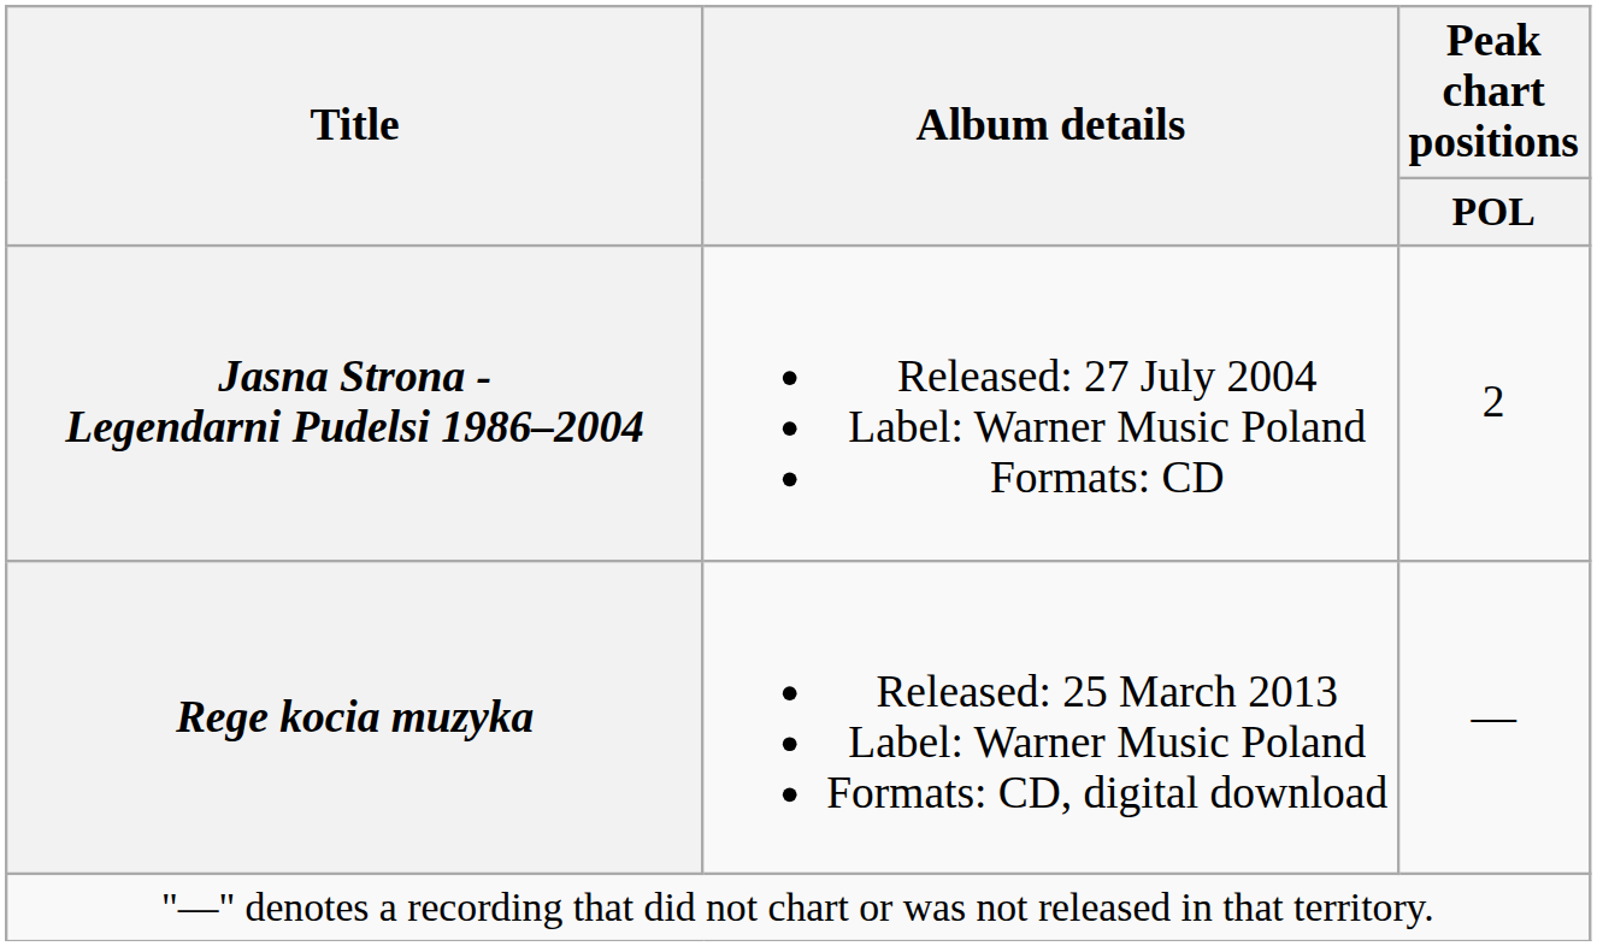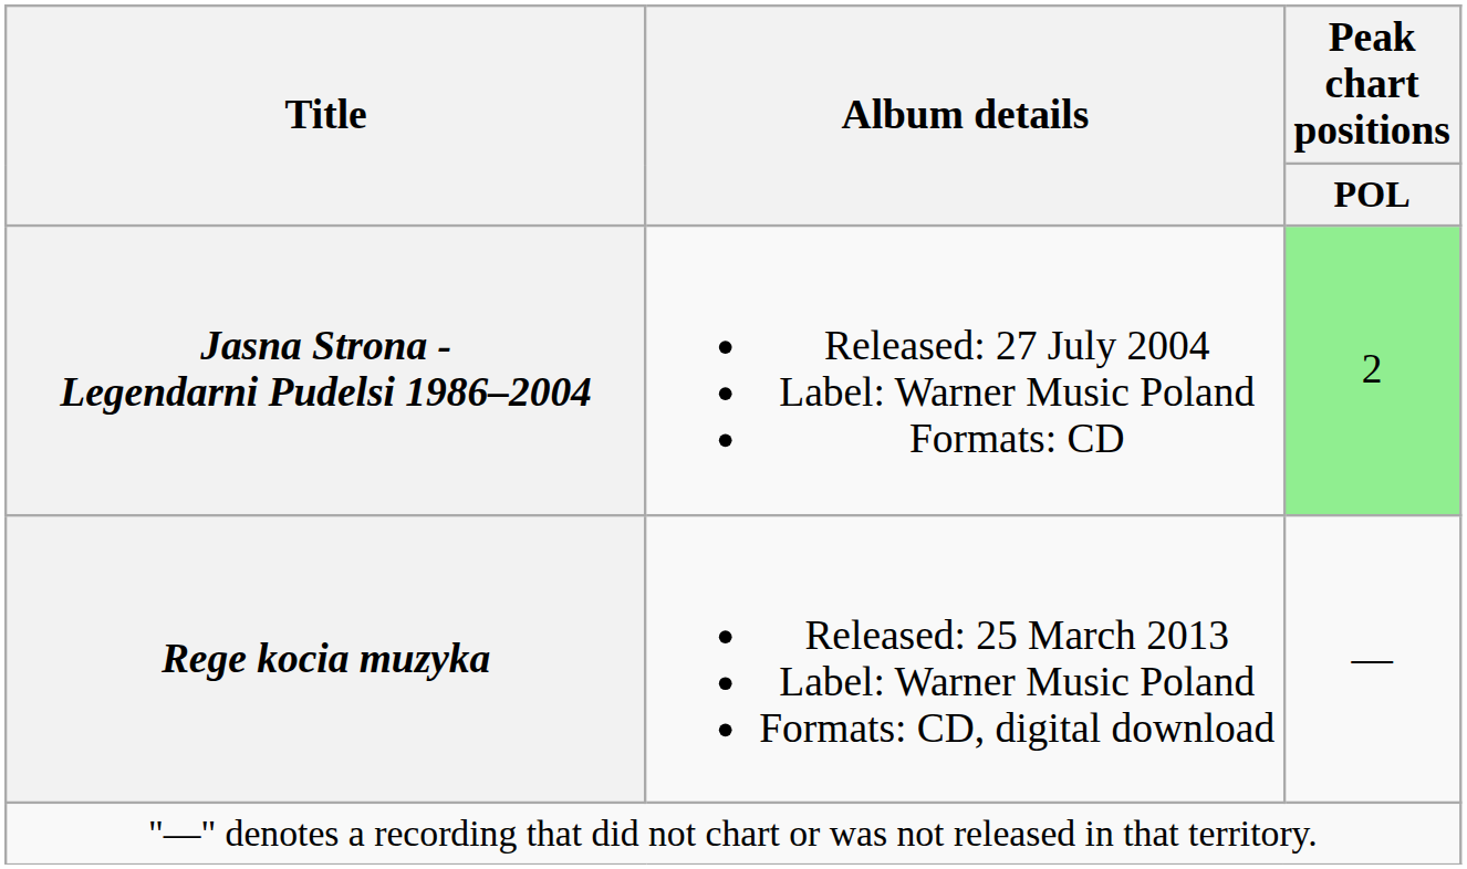 <table class="wikitable plainrowheaders" style="text-align:center;">
 <tr>
 <th scope="col" rowspan="2" style="width:15em;">Title</th>
 <th scope="col" rowspan="2">Album details</th>
 <th scope="col" colspan="1">Peak chart positions</th>
 </tr>
 <tr>
 <th scope="col" style="width:3em;font-size:90%;">POL<br></th>
 </tr>
 <tr>
 <th scope="row"><em>Jasna Strona -<br>Legendarni Pudelsi 1986–2004</em></th>
 <td><br><ul><li>Released: 27 July 2004</li><li>Label: Warner Music Poland</li><li>Formats: CD</li></ul></td>
-<td>2</td>
+<td style="background: lightgreen;">2</td>
 </tr>
 <tr>
 <th scope="row"><em>Rege kocia muzyka</em></th>
 <td><br><ul><li>Released: 25 March 2013</li><li>Label: Warner Music Poland</li><li>Formats: CD, digital download</li></ul></td>
 <td>—</td>
 </tr>
 <tr>
 <td colspan="20" style="font-size:90%">"—" denotes a recording that did not chart or was not released in that territory.</td>
 </tr>
 </table>
